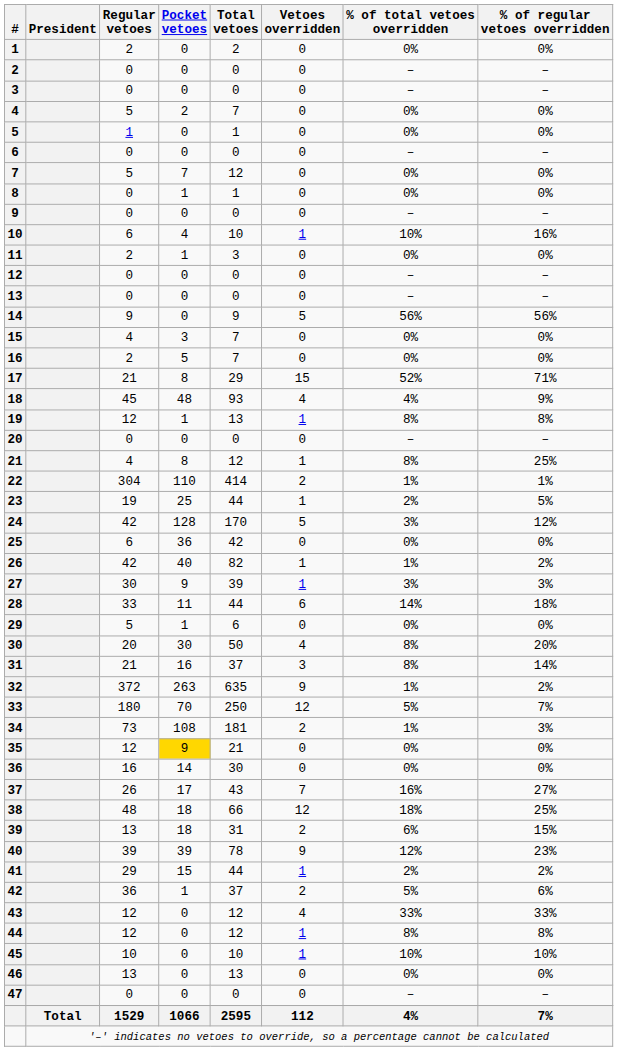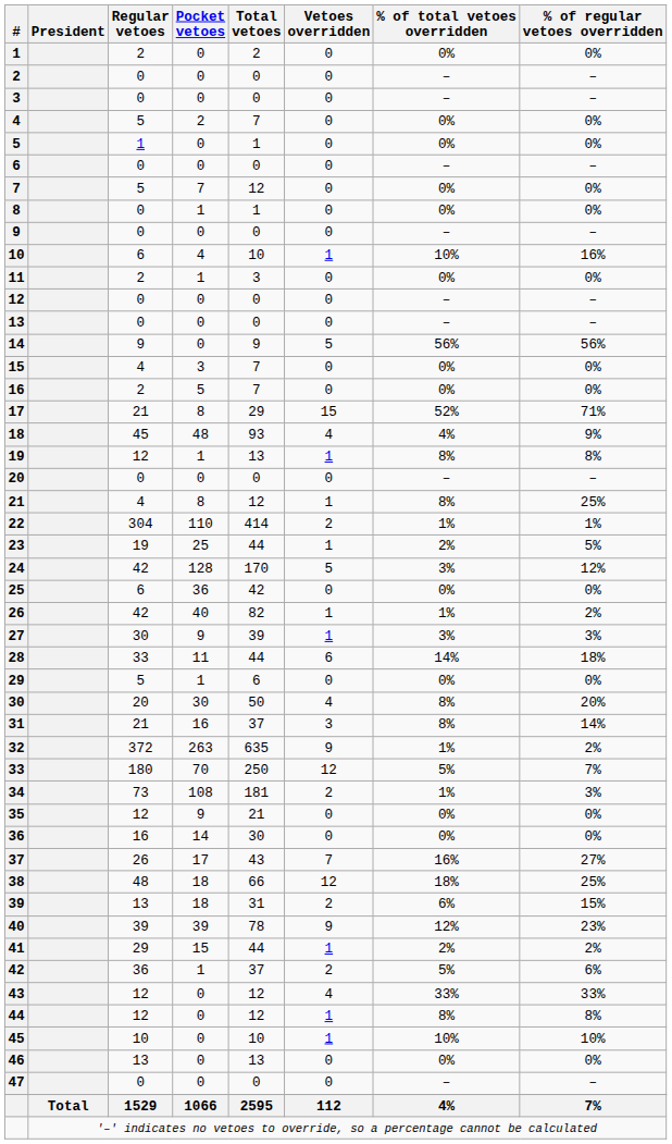 <table class="wikitable sortable plainrowheaders sticky-header" style="text-align:center">
 <tr valign=bottom>
 <th><strong>#</strong></th>
 <th scope="col">President</th>
 <th scope="col">Regular<br>vetoes</th>
 <th scope="col"><a href='#'>Pocket<br>vetoes</a></th>
 <th scope="col">Total<br>vetoes</th>
 <th scope="col">Vetoes<br>overridden</th>
 <th scope="col">% of total vetoes<br>overridden</th>
 <th scope="col">% of regular<br>vetoes overridden</th>
 </tr>
 <tr>
 <th>1</th>
 <th scope="row"></th>
 <td>2</td>
 <td>0</td>
 <td>2</td>
 <td>0</td>
 <td>0%</td>
 <td>0%</td>
 </tr>
 <tr>
 <th>2</th>
 <th scope="row"></th>
 <td>0</td>
 <td>0</td>
 <td>0</td>
 <td>0</td>
 <td>–</td>
 <td>–</td>
 </tr>
 <tr>
 <th>3</th>
 <th scope="row"></th>
 <td>0</td>
 <td>0</td>
 <td>0</td>
 <td>0</td>
 <td>–</td>
 <td>–</td>
 </tr>
 <tr>
 <th>4</th>
 <th scope="row"></th>
 <td>5</td>
 <td>2</td>
 <td>7</td>
 <td>0</td>
 <td>0%</td>
 <td>0%</td>
 </tr>
 <tr>
 <th>5</th>
 <th scope="row"></th>
 <td><a href='#'>1</a></td>
 <td>0</td>
 <td>1</td>
 <td>0</td>
 <td>0%</td>
 <td>0%</td>
 </tr>
 <tr>
 <th>6</th>
 <th scope="row"></th>
 <td>0</td>
 <td>0</td>
 <td>0</td>
 <td>0</td>
 <td>–</td>
 <td>–</td>
 </tr>
 <tr>
 <th>7</th>
 <th scope="row"></th>
 <td>5</td>
 <td>7</td>
 <td>12</td>
 <td>0</td>
 <td>0%</td>
 <td>0%</td>
 </tr>
 <tr>
 <th>8</th>
 <th scope="row"></th>
 <td>0</td>
 <td>1</td>
 <td>1</td>
 <td>0</td>
 <td>0%</td>
 <td>0%</td>
 </tr>
 <tr>
 <th>9</th>
 <th scope="row"></th>
 <td>0</td>
 <td>0</td>
 <td>0</td>
 <td>0</td>
 <td>–</td>
 <td>–</td>
 </tr>
 <tr>
 <th>10</th>
 <th scope="row"></th>
 <td>6</td>
 <td>4</td>
 <td>10</td>
 <td><a href='#'>1</a></td>
 <td>10%</td>
 <td>16%</td>
 </tr>
 <tr>
 <th>11</th>
 <th scope="row"></th>
 <td>2</td>
 <td>1</td>
 <td>3</td>
 <td>0</td>
 <td>0%</td>
 <td>0%</td>
 </tr>
 <tr>
 <th>12</th>
 <th scope="row"></th>
 <td>0</td>
 <td>0</td>
 <td>0</td>
 <td>0</td>
 <td>–</td>
 <td>–</td>
 </tr>
 <tr>
 <th>13</th>
 <th scope="row"></th>
 <td>0</td>
 <td>0</td>
 <td>0</td>
 <td>0</td>
 <td>–</td>
 <td>–</td>
 </tr>
 <tr>
 <th>14</th>
 <th scope="row"></th>
 <td>9</td>
 <td>0</td>
 <td>9</td>
 <td>5</td>
 <td>56%</td>
 <td>56%</td>
 </tr>
 <tr>
 <th>15</th>
 <th scope="row"></th>
 <td>4</td>
 <td>3</td>
 <td>7</td>
 <td>0</td>
 <td>0%</td>
 <td>0%</td>
 </tr>
 <tr>
 <th>16</th>
 <th scope="row"></th>
 <td>2</td>
 <td>5</td>
 <td>7</td>
 <td>0</td>
 <td>0%</td>
 <td>0%</td>
 </tr>
 <tr>
 <th>17</th>
 <th scope="row"></th>
 <td>21</td>
 <td>8</td>
 <td>29</td>
 <td>15</td>
 <td>52%</td>
 <td>71%</td>
 </tr>
 <tr>
 <th>18</th>
 <th scope="row"></th>
 <td>45</td>
 <td>48</td>
 <td>93</td>
 <td>4</td>
 <td>4%</td>
 <td>9%</td>
 </tr>
 <tr>
 <th>19</th>
 <th scope="row"></th>
 <td>12</td>
 <td>1</td>
 <td>13</td>
 <td><a href='#'>1</a></td>
 <td>8%</td>
 <td>8%</td>
 </tr>
 <tr>
 <th>20</th>
 <th scope="row"></th>
 <td>0</td>
 <td>0</td>
 <td>0</td>
 <td>0</td>
 <td>–</td>
 <td>–</td>
 </tr>
 <tr>
 <th>21</th>
 <th scope="row"></th>
 <td>4</td>
 <td>8</td>
 <td>12</td>
 <td>1</td>
 <td>8%</td>
 <td>25%</td>
 </tr>
 <tr>
 <th>22</th>
 <th scope="row"></th>
 <td>304</td>
 <td>110</td>
 <td>414</td>
 <td>2</td>
 <td>1%</td>
 <td>1%</td>
 </tr>
 <tr>
 <th>23</th>
 <th scope="row"></th>
 <td>19</td>
 <td>25</td>
 <td>44</td>
 <td>1</td>
 <td>2%</td>
 <td>5%</td>
 </tr>
 <tr>
 <th>24</th>
 <th scope="row"></th>
 <td>42</td>
 <td>128</td>
 <td>170</td>
 <td>5</td>
 <td>3%</td>
 <td>12%</td>
 </tr>
 <tr>
 <th>25</th>
 <th scope="row"></th>
 <td>6</td>
 <td>36</td>
 <td>42</td>
 <td>0</td>
 <td>0%</td>
 <td>0%</td>
 </tr>
 <tr>
 <th>26</th>
 <th scope="row"></th>
 <td>42</td>
 <td>40</td>
 <td>82</td>
 <td>1</td>
 <td>1%</td>
 <td>2%</td>
 </tr>
 <tr>
 <th>27</th>
 <th scope="row"></th>
 <td>30</td>
 <td>9</td>
 <td>39</td>
 <td><a href='#'>1</a></td>
 <td>3%</td>
 <td>3%</td>
 </tr>
 <tr>
 <th>28</th>
 <th scope="row"></th>
 <td>33</td>
 <td>11</td>
 <td>44</td>
 <td>6</td>
 <td>14%</td>
 <td>18%</td>
 </tr>
 <tr>
 <th>29</th>
 <th scope="row"></th>
 <td>5</td>
 <td>1</td>
 <td>6</td>
 <td>0</td>
 <td>0%</td>
 <td>0%</td>
 </tr>
 <tr>
 <th>30</th>
 <th scope="row"></th>
 <td>20</td>
 <td>30</td>
 <td>50</td>
 <td>4</td>
 <td>8%</td>
 <td>20%</td>
 </tr>
 <tr>
 <th>31</th>
 <th scope="row"></th>
 <td>21</td>
 <td>16</td>
 <td>37</td>
 <td>3</td>
 <td>8%</td>
 <td>14%</td>
 </tr>
 <tr>
 <th>32</th>
 <th scope="row"></th>
 <td>372</td>
 <td>263</td>
 <td>635</td>
 <td>9</td>
 <td>1%</td>
 <td>2%</td>
 </tr>
 <tr>
 <th>33</th>
 <th scope="row"></th>
 <td>180</td>
 <td>70</td>
 <td>250</td>
 <td>12</td>
 <td>5%</td>
 <td>7%</td>
 </tr>
 <tr>
 <th>34</th>
 <th scope="row"></th>
 <td>73</td>
 <td>108</td>
 <td>181</td>
 <td>2</td>
 <td>1%</td>
 <td>3%</td>
 </tr>
 <tr>
 <th>35</th>
 <th scope="row"></th>
 <td>12</td>
-<td style="background: gold;">9</td>
+<td>9</td>
 <td>21</td>
 <td>0</td>
 <td>0%</td>
 <td>0%</td>
 </tr>
 <tr>
 <th>36</th>
 <th scope="row"></th>
 <td>16</td>
 <td>14</td>
 <td>30</td>
 <td>0</td>
 <td>0%</td>
 <td>0%</td>
 </tr>
 <tr>
 <th>37</th>
 <th scope="row"></th>
 <td>26</td>
 <td>17</td>
 <td>43</td>
 <td>7</td>
 <td>16%</td>
 <td>27%</td>
 </tr>
 <tr>
 <th>38</th>
 <th scope="row"></th>
 <td>48</td>
 <td>18</td>
 <td>66</td>
 <td>12</td>
 <td>18%</td>
 <td>25%</td>
 </tr>
 <tr>
 <th>39</th>
 <th scope="row"></th>
 <td>13</td>
 <td>18</td>
 <td>31</td>
 <td>2</td>
 <td>6%</td>
 <td>15%</td>
 </tr>
 <tr>
 <th>40</th>
 <th scope="row"></th>
 <td>39</td>
 <td>39</td>
 <td>78</td>
 <td>9</td>
 <td>12%</td>
 <td>23%</td>
 </tr>
 <tr>
 <th>41</th>
 <th scope="row"></th>
 <td>29</td>
 <td>15</td>
 <td>44</td>
 <td><a href='#'>1</a></td>
 <td>2%</td>
 <td>2%</td>
 </tr>
 <tr>
 <th>42</th>
 <th scope="row"></th>
 <td>36</td>
 <td>1</td>
 <td>37</td>
 <td>2</td>
 <td>5%</td>
 <td>6%</td>
 </tr>
 <tr>
 <th>43</th>
 <th scope="row"></th>
 <td>12</td>
 <td>0</td>
 <td>12</td>
 <td>4</td>
 <td>33%</td>
 <td>33%</td>
 </tr>
 <tr>
 <th>44</th>
 <th scope="row"></th>
 <td>12</td>
 <td>0</td>
 <td>12</td>
 <td><a href='#'>1</a></td>
 <td>8%</td>
 <td>8%</td>
 </tr>
 <tr>
 <th>45</th>
 <th scope="row"></th>
 <td>10</td>
 <td>0</td>
 <td>10</td>
 <td><a href='#'>1</a></td>
 <td>10%</td>
 <td>10%</td>
 </tr>
 <tr>
 <th>46</th>
 <th scope="row"></th>
 <td>13</td>
 <td>0</td>
 <td>13</td>
 <td>0</td>
 <td>0%</td>
 <td>0%</td>
 </tr>
 <tr>
 <th>47</th>
 <th scope="row"></th>
 <td>0</td>
 <td>0</td>
 <td>0</td>
 <td>0</td>
 <td>–</td>
 <td>–</td>
 </tr>
 <tr>
 </tr>
 <tr class="sortbottom">
 <th></th>
 <th>Total</th>
 <th>1529</th>
 <th>1066</th>
 <th>2595</th>
 <th>112</th>
 <th data-sort-type="number">4%</th>
 <th data-sort-type="number">7%</th>
 </tr>
 <tr class="sortbottom">
 <td></td>
 <td colspan="7"><em><small>'–' indicates no vetoes to override, so a percentage cannot be calculated</small></em></td>
 </tr>
 </table>
